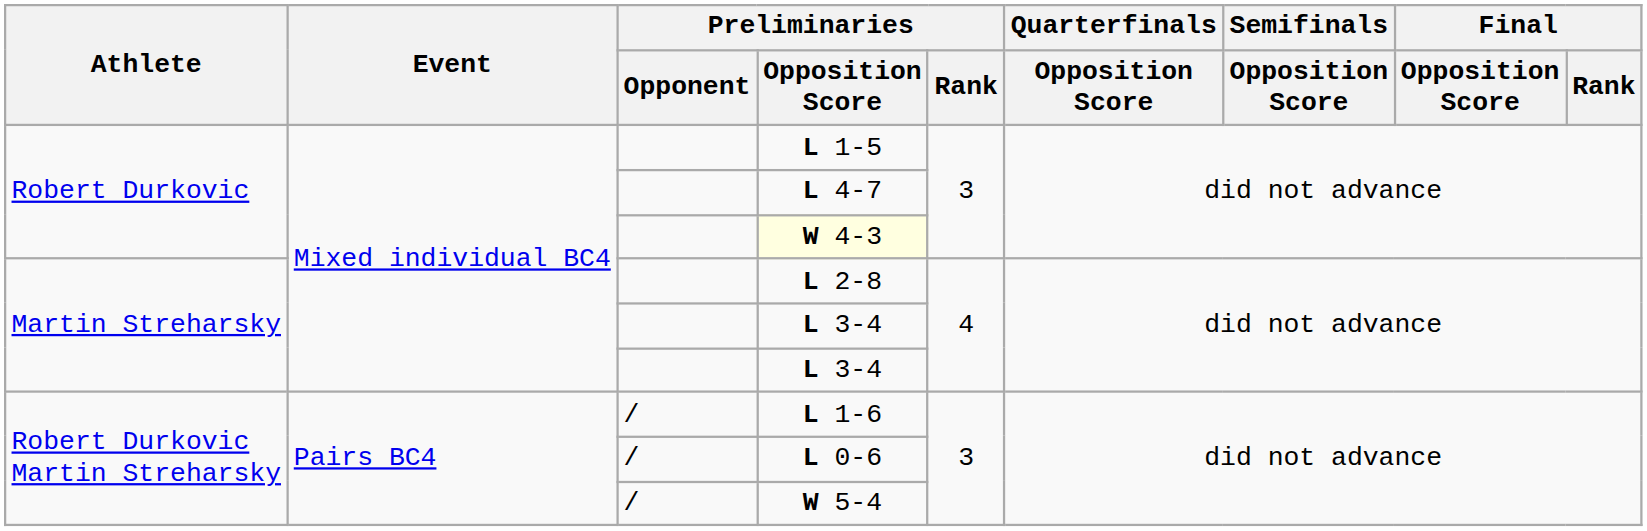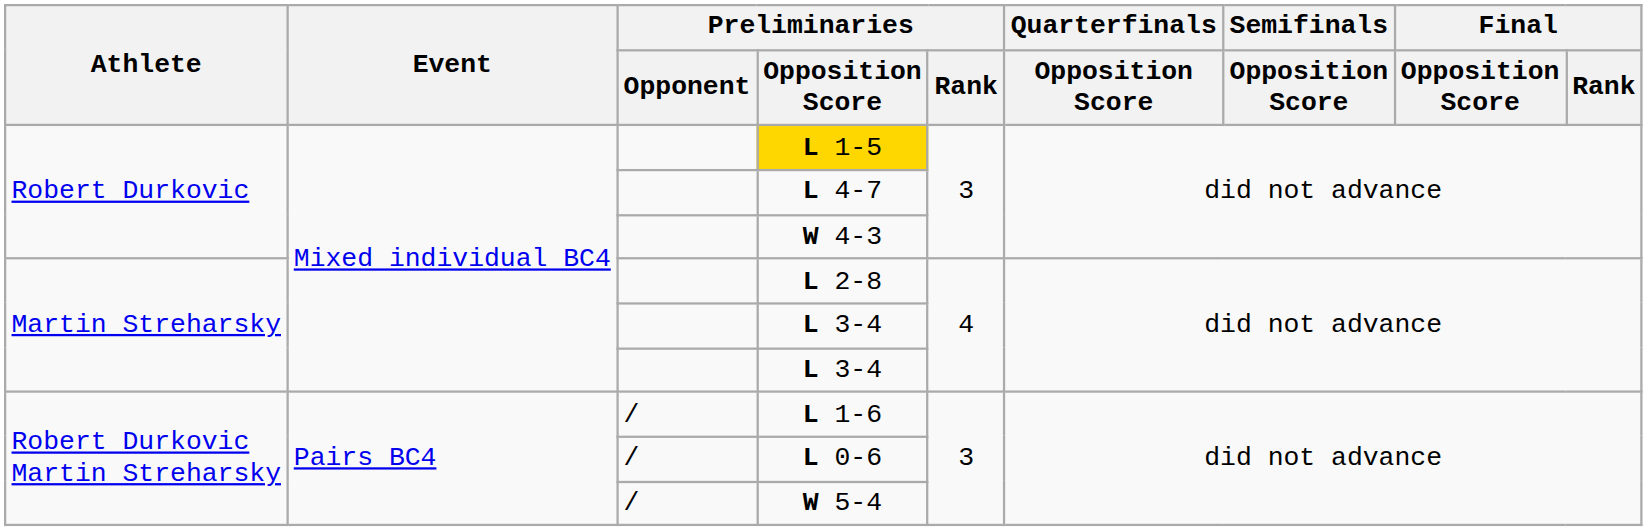 <table class=wikitable style="font-size:90%">
 <tr>
 <th rowspan="2">Athlete</th>
 <th rowspan="2">Event</th>
 <th colspan="3">Preliminaries</th>
 <th>Quarterfinals</th>
 <th>Semifinals</th>
 <th colspan="2">Final</th>
 </tr>
 <tr>
 <th>Opponent</th>
 <th>Opposition<br>Score</th>
 <th>Rank</th>
 <th>Opposition<br>Score</th>
 <th>Opposition<br>Score</th>
 <th>Opposition<br>Score</th>
 <th>Rank</th>
 </tr>
 <tr>
 <td rowspan="3"><a href='#'>Robert Durkovic</a></td>
 <td rowspan="6"><a href='#'>Mixed individual BC4</a></td>
 <td align="left"></td>
-<td align="center"><strong>L</strong> 1-5</td>
+<td align="center" style="background: gold;"><strong>L</strong> 1-5</td>
 <td align="center" rowspan="3">3</td>
 <td align="center" rowspan="3" colspan="4">did not advance</td>
 </tr>
 <tr>
 <td align="left"></td>
 <td align="center"><strong>L</strong> 4-7</td>
 </tr>
 <tr>
 <td align="left"></td>
-<td align="center" style="background: lightyellow;"><strong>W</strong> 4-3</td>
+<td align="center"><strong>W</strong> 4-3</td>
 </tr>
 <tr>
 <td rowspan="3"><a href='#'>Martin Streharsky</a></td>
 <td align="left"></td>
 <td align="center"><strong>L</strong> 2-8</td>
 <td align="center" rowspan="3">4</td>
 <td align="center" rowspan="3" colspan="4">did not advance</td>
 </tr>
 <tr>
 <td align="left"></td>
 <td align="center"><strong>L</strong> 3-4</td>
 </tr>
 <tr>
 <td align="left"></td>
 <td align="center"><strong>L</strong> 3-4</td>
 </tr>
 <tr>
 <td rowspan="3"><a href='#'>Robert Durkovic</a><br> <a href='#'>Martin Streharsky</a></td>
 <td rowspan="3"><a href='#'>Pairs BC4</a></td>
 <td align="left"> /<br> </td>
 <td align="center"><strong>L</strong> 1-6</td>
 <td align="center" rowspan="3">3</td>
 <td align="center" rowspan="3" colspan="4">did not advance</td>
 </tr>
 <tr>
 <td align="left"> /<br> </td>
 <td align="center"><strong>L</strong> 0-6</td>
 </tr>
 <tr>
 <td align="left"> /<br> </td>
 <td align="center"><strong>W</strong> 5-4</td>
 </tr>
 </table>
